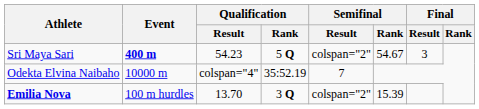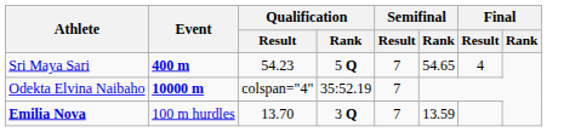 <table class=wikitable style=font-size:88%;text-align:center>
 <tr>
 <th rowspan=2>Athlete</th>
 <th rowspan=2>Event</th>
 <th colspan=2>Qualification</th>
 <th colspan=2>Semifinal</th>
 <th colspan=2>Final</th>
 </tr>
 <tr style="font-size:95%">
 <th>Result</th>
 <th>Rank</th>
 <th>Result</th>
 <th>Rank</th>
 <th>Result</th>
 <th>Rank</th>
 </tr>
 <tr>
 <td style="text-align:left"><a href='#'>Sri Maya Sari</a></td>
 <td style="text-align:left" rowspan=1><strong><a href='#'>400 m</a></strong></td>
 <td>54.23</td>
 <td>5 <strong>Q</strong></td>
-<td>colspan="2" </td>
-<td>54.67</td>
-<td>3</td>
+<td>7</td>
+<td>54.65</td>
+<td>4</td>
 </tr>
 <tr>
 <td style="text-align:left"><a href='#'>Odekta Elvina Naibaho</a></td>
-<td style="text-align:left" rowspan=1><a href='#'>10000 m</a></td>
+<td style="text-align:left" rowspan=1><strong><a href='#'>10000 m</a></strong></td>
 <td>colspan="4" </td>
 <td>35:52.19</td>
 <td>7</td>
 </tr>
 <tr>
 <td style="text-align:left"><strong><a href='#'>Emilia Nova</a></strong></td>
 <td style="text-align:left" rowspan=1><a href='#'>100 m hurdles</a></td>
 <td>13.70</td>
 <td>3 <strong>Q</strong></td>
-<td>colspan="2" </td>
-<td>15.39</td>
+<td>7</td>
+<td>13.59</td>
 <td></td>
 </tr>
 </table>
